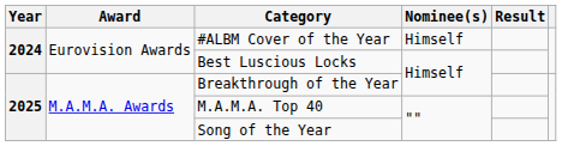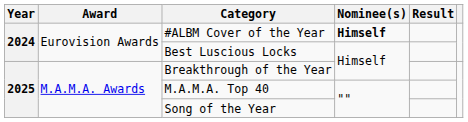 <table class="wikitable plainrowheaders">
 <tr>
 <th scope="col">Year</th>
 <th scope="col">Award</th>
 <th scope="col">Category</th>
 <th scope="col">Nominee(s)</th>
 <th scope="col">Result</th>
 <th scope="col"></th>
 </tr>
 <tr>
 <th rowspan="2">2024</th>
 <td rowspan="2">Eurovision Awards</td>
 <td>#ALBM Cover of the Year</td>
-<td>Himself</td>
+<td><strong>Himself</strong></td>
 <td></td>
 <td rowspan="2"></td>
 </tr>
 <tr>
 <td>Best Luscious Locks</td>
 <td rowspan="2">Himself</td>
 <td></td>
 </tr>
 <tr>
 <th rowspan="3">2025</th>
 <td rowspan="3"><a href='#'>M.A.M.A. Awards</a></td>
 <td>Breakthrough of the Year</td>
 <td></td>
 <td rowspan="3"></td>
 </tr>
 <tr>
 <td>M.A.M.A. Top 40</td>
 <td rowspan="2">""</td>
 <td></td>
 </tr>
 <tr>
 <td>Song of the Year</td>
 <td></td>
 </tr>
 </table>
